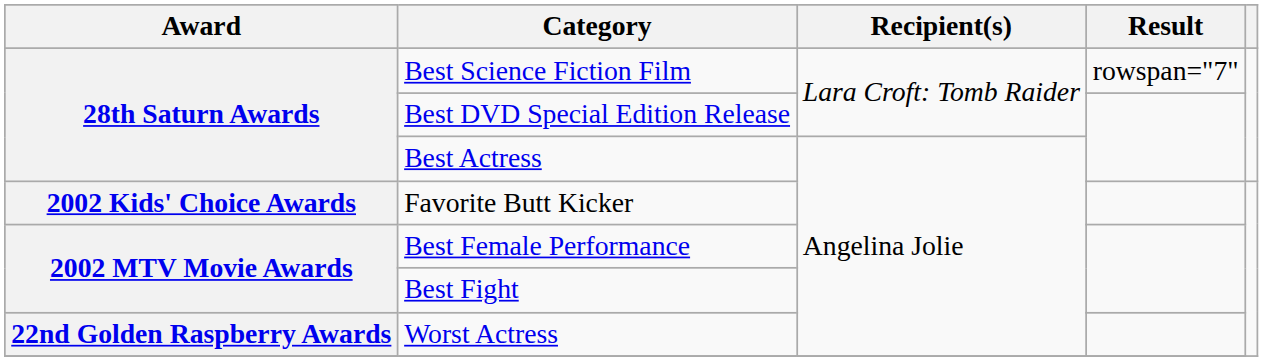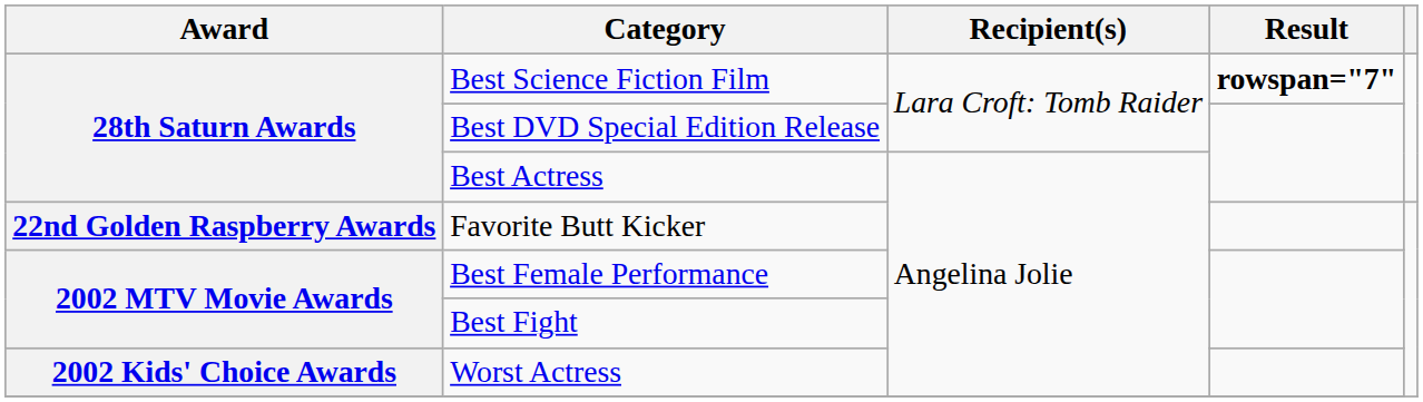 <table class="wikitable sortable plainrowheaders">
 <tr>
 <th scope="col">Award</th>
 <th scope="col">Category</th>
 <th scope="col">Recipient(s)</th>
 <th scope="col">Result</th>
 <th scope="col" class="unsortable"></th>
 </tr>
 <tr>
 <th scope="row" rowspan="3"><a href='#'>28th Saturn Awards</a></th>
 <td><a href='#'>Best Science Fiction Film</a></td>
 <td rowspan="2"><em>Lara Croft: Tomb Raider</em></td>
-<td>rowspan="7" </td>
+<td><strong>rowspan="7" </strong></td>
 <td align="center" rowspan="3"></td>
 </tr>
 <tr>
 <td><a href='#'>Best DVD Special Edition Release</a></td>
 </tr>
 <tr>
 <td><a href='#'>Best Actress</a></td>
 <td rowspan="5">Angelina Jolie</td>
 </tr>
 <tr>
-<th scope="row"><a href='#'>2002 Kids' Choice Awards</a></th>
+<th scope="row"><a href='#'>22nd Golden Raspberry Awards</a></th>
 <td>Favorite Butt Kicker</td>
 <td align="center"></td>
 </tr>
 <tr>
 <th scope="row" rowspan="2"><a href='#'>2002 MTV Movie Awards</a></th>
 <td><a href='#'>Best Female Performance</a></td>
 <td align="center" rowspan="2"></td>
 </tr>
 <tr>
 <td><a href='#'>Best Fight</a> </td>
 </tr>
 <tr>
-<th scope="row"><a href='#'>22nd Golden Raspberry Awards</a></th>
+<th scope="row"><a href='#'>2002 Kids' Choice Awards</a></th>
 <td><a href='#'>Worst Actress</a></td>
 <td align="center"></td>
 </tr>
 <tr>
 </tr>
 </table>
